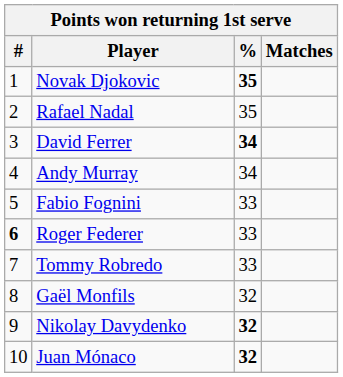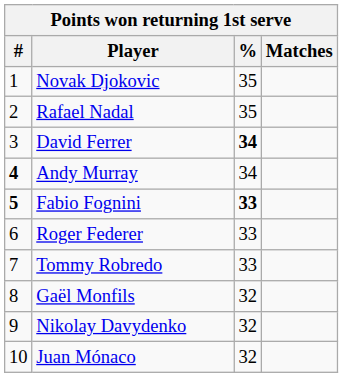 <table class="wikitable sortable" style=font-size:90%>
 <tr>
 <th colspan=4>Points won returning 1st serve</th>
 </tr>
 <tr>
 <th>#</th>
 <th width=150>Player</th>
 <th>%</th>
 <th>Matches</th>
 </tr>
 <tr bgcolor=>
 <td>1</td>
 <td> <a href='#'>Novak Djokovic</a></td>
-<td><strong>35</strong></td>
+<td>35</td>
 <td></td>
 </tr>
 <tr>
 <td>2</td>
 <td> <a href='#'>Rafael Nadal</a></td>
 <td>35</td>
 <td></td>
 </tr>
 <tr bgcolor=>
 <td>3</td>
 <td> <a href='#'>David Ferrer</a></td>
 <td><strong>34</strong></td>
 <td></td>
 </tr>
 <tr>
-<td>4</td>
+<td><strong>4</strong></td>
 <td> <a href='#'>Andy Murray</a></td>
 <td>34</td>
 <td></td>
 </tr>
 <tr bgcolor=>
-<td>5</td>
+<td><strong>5</strong></td>
 <td> <a href='#'>Fabio Fognini</a></td>
-<td>33</td>
+<td><strong>33</strong></td>
 <td></td>
 </tr>
 <tr>
-<td><strong>6</strong></td>
+<td>6</td>
 <td> <a href='#'>Roger Federer</a></td>
 <td>33</td>
 <td></td>
 </tr>
 <tr bgcolor=>
 <td>7</td>
 <td> <a href='#'>Tommy Robredo</a></td>
 <td>33</td>
 <td></td>
 </tr>
 <tr>
 <td>8</td>
 <td> <a href='#'>Gaël Monfils</a></td>
 <td>32</td>
 <td></td>
 </tr>
 <tr bgcolor=>
 <td>9</td>
 <td> <a href='#'>Nikolay Davydenko</a></td>
-<td><strong>32</strong></td>
+<td>32</td>
 <td></td>
 </tr>
 <tr>
 <td>10</td>
 <td> <a href='#'>Juan Mónaco</a></td>
-<td><strong>32</strong></td>
+<td>32</td>
 <td></td>
 </tr>
 </table>
